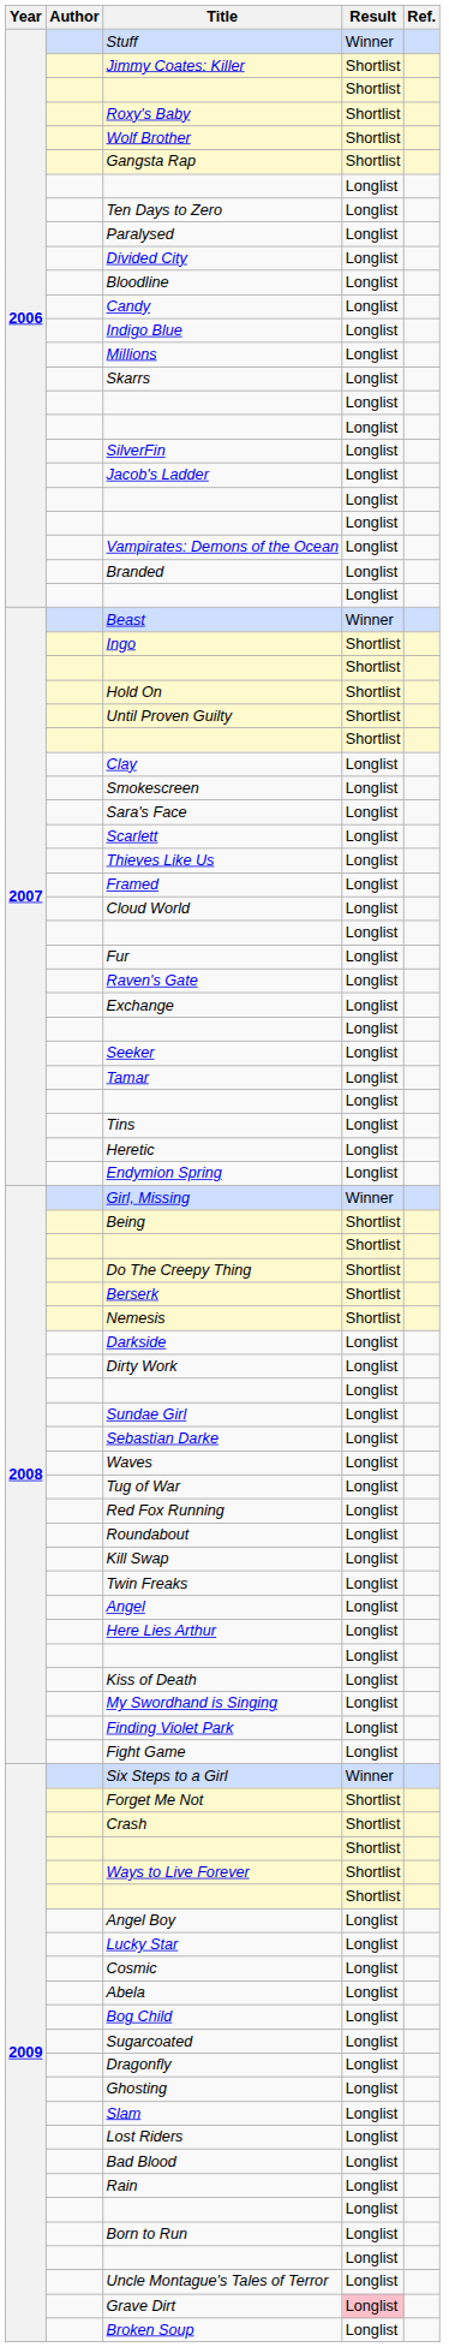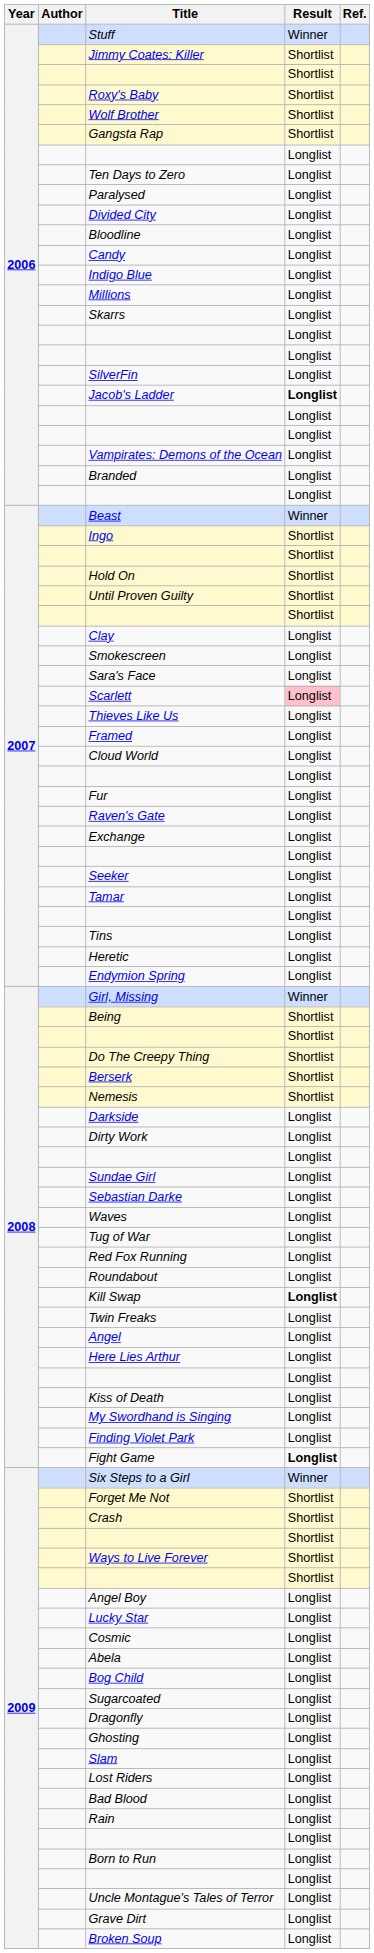 <table class="wikitable sortable mw-collapsible">
 <tr>
 <th>Year</th>
 <th>Author</th>
 <th>Title</th>
 <th>Result</th>
 <th>Ref.</th>
 </tr>
 <tr style=background:#cddeff>
 <th rowspan="24"><a href='#'>2006</a></th>
 <td></td>
 <td><em>Stuff</em></td>
 <td>Winner</td>
 <td></td>
 </tr>
 <tr style=background:LemonChiffon; color:black>
 <td></td>
 <td><em><a href='#'>Jimmy Coates: Killer</a></em></td>
 <td>Shortlist</td>
 <td></td>
 </tr>
 <tr style=background:LemonChiffon; color:black>
 <td></td>
 <td><em></em></td>
 <td>Shortlist</td>
 <td></td>
 </tr>
 <tr style=background:LemonChiffon; color:black>
 <td></td>
 <td><em><a href='#'>Roxy's Baby</a></em></td>
 <td>Shortlist</td>
 <td></td>
 </tr>
 <tr style=background:LemonChiffon; color:black>
 <td></td>
 <td><em><a href='#'>Wolf Brother</a></em></td>
 <td>Shortlist</td>
 <td></td>
 </tr>
 <tr style=background:LemonChiffon; color:black>
 <td></td>
 <td><em>Gangsta Rap</em></td>
 <td>Shortlist</td>
 <td></td>
 </tr>
 <tr>
 <td></td>
 <td><em></em></td>
 <td>Longlist</td>
 <td></td>
 </tr>
 <tr>
 <td></td>
 <td><em>Ten Days to Zero</em></td>
 <td>Longlist</td>
 <td></td>
 </tr>
 <tr>
 <td></td>
 <td><em>Paralysed</em></td>
 <td>Longlist</td>
 <td></td>
 </tr>
 <tr>
 <td></td>
 <td><em><a href='#'>Divided City</a></em></td>
 <td>Longlist</td>
 <td></td>
 </tr>
 <tr>
 <td></td>
 <td><em>Bloodline</em></td>
 <td>Longlist</td>
 <td></td>
 </tr>
 <tr>
 <td></td>
 <td><em><a href='#'>Candy</a></em></td>
 <td>Longlist</td>
 <td></td>
 </tr>
 <tr>
 <td></td>
 <td><em><a href='#'>Indigo Blue</a></em></td>
 <td>Longlist</td>
 <td></td>
 </tr>
 <tr>
 <td></td>
 <td><em><a href='#'>Millions</a></em></td>
 <td>Longlist</td>
 <td></td>
 </tr>
 <tr>
 <td></td>
 <td><em>Skarrs</em></td>
 <td>Longlist</td>
 <td></td>
 </tr>
 <tr>
 <td></td>
 <td><em></em></td>
 <td>Longlist</td>
 <td></td>
 </tr>
 <tr>
 <td></td>
 <td><em></em></td>
 <td>Longlist</td>
 <td></td>
 </tr>
 <tr>
 <td></td>
 <td><em><a href='#'>SilverFin</a></em></td>
 <td>Longlist</td>
 <td></td>
 </tr>
 <tr>
 <td></td>
 <td><em><a href='#'>Jacob's Ladder</a></em></td>
-<td>Longlist</td>
+<td><strong>Longlist</strong></td>
 <td></td>
 </tr>
 <tr>
 <td></td>
 <td><em></em></td>
 <td>Longlist</td>
 <td></td>
 </tr>
 <tr>
 <td></td>
 <td><em></em></td>
 <td>Longlist</td>
 <td></td>
 </tr>
 <tr>
 <td></td>
 <td><em><a href='#'>Vampirates: Demons of the Ocean</a></em></td>
 <td>Longlist</td>
 <td></td>
 </tr>
 <tr>
 <td></td>
 <td><em>Branded</em></td>
 <td>Longlist</td>
 <td></td>
 </tr>
 <tr>
 <td></td>
 <td><em></em></td>
 <td>Longlist</td>
 <td></td>
 </tr>
 <tr style=background:#cddeff>
 <th rowspan="24"><a href='#'>2007</a></th>
 <td></td>
 <td><em><a href='#'>Beast</a></em></td>
 <td>Winner</td>
 <td></td>
 </tr>
 <tr style=background:LemonChiffon; color:black>
 <td></td>
 <td><em><a href='#'>Ingo</a></em></td>
 <td>Shortlist</td>
 <td></td>
 </tr>
 <tr style=background:LemonChiffon; color:black>
 <td></td>
 <td><em></em></td>
 <td>Shortlist</td>
 <td></td>
 </tr>
 <tr style=background:LemonChiffon; color:black>
 <td></td>
 <td><em>Hold On</em></td>
 <td>Shortlist</td>
 <td></td>
 </tr>
 <tr style=background:LemonChiffon; color:black>
 <td></td>
 <td><em>Until Proven Guilty</em></td>
 <td>Shortlist</td>
 <td></td>
 </tr>
 <tr style=background:LemonChiffon; color:black>
 <td></td>
 <td><em></em></td>
 <td>Shortlist</td>
 <td></td>
 </tr>
 <tr>
 <td></td>
 <td><em><a href='#'>Clay</a></em></td>
 <td>Longlist</td>
 <td></td>
 </tr>
 <tr>
 <td></td>
 <td><em>Smokescreen</em></td>
 <td>Longlist</td>
 <td></td>
 </tr>
 <tr>
 <td></td>
 <td><em>Sara's Face</em></td>
 <td>Longlist</td>
 <td></td>
 </tr>
 <tr>
 <td></td>
 <td><em><a href='#'>Scarlett</a></em></td>
-<td>Longlist</td>
+<td style="background: pink;">Longlist</td>
 <td></td>
 </tr>
 <tr>
 <td></td>
 <td><em><a href='#'>Thieves Like Us</a></em></td>
 <td>Longlist</td>
 <td></td>
 </tr>
 <tr>
 <td></td>
 <td><em><a href='#'>Framed</a></em></td>
 <td>Longlist</td>
 <td></td>
 </tr>
 <tr>
 <td></td>
 <td><em>Cloud World</em></td>
 <td>Longlist</td>
 <td></td>
 </tr>
 <tr>
 <td></td>
 <td><em></em></td>
 <td>Longlist</td>
 <td></td>
 </tr>
 <tr>
 <td></td>
 <td><em>Fur</em></td>
 <td>Longlist</td>
 <td></td>
 </tr>
 <tr>
 <td></td>
 <td><em><a href='#'>Raven's Gate</a></em></td>
 <td>Longlist</td>
 <td></td>
 </tr>
 <tr>
 <td></td>
 <td><em>Exchange</em></td>
 <td>Longlist</td>
 <td></td>
 </tr>
 <tr>
 <td></td>
 <td><em></em></td>
 <td>Longlist</td>
 <td></td>
 </tr>
 <tr>
 <td></td>
 <td><em><a href='#'>Seeker</a></em></td>
 <td>Longlist</td>
 <td></td>
 </tr>
 <tr>
 <td></td>
 <td><em><a href='#'>Tamar</a></em></td>
 <td>Longlist</td>
 <td></td>
 </tr>
 <tr>
 <td></td>
 <td><em></em></td>
 <td>Longlist</td>
 <td></td>
 </tr>
 <tr>
 <td></td>
 <td><em>Tins</em></td>
 <td>Longlist</td>
 <td></td>
 </tr>
 <tr>
 <td></td>
 <td><em>Heretic</em></td>
 <td>Longlist</td>
 <td></td>
 </tr>
 <tr>
 <td></td>
 <td><em><a href='#'>Endymion Spring</a></em></td>
 <td>Longlist</td>
 <td></td>
 </tr>
 <tr style=background:#cddeff>
 <th rowspan="24"><a href='#'>2008</a></th>
 <td></td>
 <td><em><a href='#'>Girl, Missing</a></em></td>
 <td>Winner</td>
 <td></td>
 </tr>
 <tr style=background:LemonChiffon; color:black>
 <td></td>
 <td><em>Being</em></td>
 <td>Shortlist</td>
 <td></td>
 </tr>
 <tr style=background:LemonChiffon; color:black>
 <td></td>
 <td><em></em></td>
 <td>Shortlist</td>
 <td></td>
 </tr>
 <tr style=background:LemonChiffon; color:black>
 <td></td>
 <td><em>Do The Creepy Thing</em></td>
 <td>Shortlist</td>
 <td></td>
 </tr>
 <tr style=background:LemonChiffon; color:black>
 <td></td>
 <td><em><a href='#'>Berserk</a></em></td>
 <td>Shortlist</td>
 <td></td>
 </tr>
 <tr style=background:LemonChiffon; color:black>
 <td></td>
 <td><em>Nemesis</em></td>
 <td>Shortlist</td>
 <td></td>
 </tr>
 <tr>
 <td></td>
 <td><em><a href='#'>Darkside</a></em></td>
 <td>Longlist</td>
 <td></td>
 </tr>
 <tr>
 <td></td>
 <td><em>Dirty Work</em></td>
 <td>Longlist</td>
 <td></td>
 </tr>
 <tr>
 <td></td>
 <td><em></em></td>
 <td>Longlist</td>
 <td></td>
 </tr>
 <tr>
 <td></td>
 <td><em><a href='#'>Sundae Girl</a></em></td>
 <td>Longlist</td>
 <td></td>
 </tr>
 <tr>
 <td></td>
 <td><em><a href='#'>Sebastian Darke</a></em></td>
 <td>Longlist</td>
 <td></td>
 </tr>
 <tr>
 <td></td>
 <td><em>Waves</em></td>
 <td>Longlist</td>
 <td></td>
 </tr>
 <tr>
 <td></td>
 <td><em>Tug of War</em></td>
 <td>Longlist</td>
 <td></td>
 </tr>
 <tr>
 <td></td>
 <td><em>Red Fox Running</em></td>
 <td>Longlist</td>
 <td></td>
 </tr>
 <tr>
 <td></td>
 <td><em>Roundabout</em></td>
 <td>Longlist</td>
 <td></td>
 </tr>
 <tr>
 <td></td>
 <td><em>Kill Swap</em></td>
-<td>Longlist</td>
+<td><strong>Longlist</strong></td>
 <td></td>
 </tr>
 <tr>
 <td></td>
 <td><em>Twin Freaks</em></td>
 <td>Longlist</td>
 <td></td>
 </tr>
 <tr>
 <td></td>
 <td><em><a href='#'>Angel</a></em></td>
 <td>Longlist</td>
 <td></td>
 </tr>
 <tr>
 <td></td>
 <td><em><a href='#'>Here Lies Arthur</a></em></td>
 <td>Longlist</td>
 <td></td>
 </tr>
 <tr>
 <td></td>
 <td><em></em></td>
 <td>Longlist</td>
 <td></td>
 </tr>
 <tr>
 <td></td>
 <td><em>Kiss of Death</em></td>
 <td>Longlist</td>
 <td></td>
 </tr>
 <tr>
 <td></td>
 <td><em><a href='#'>My Swordhand is Singing</a></em></td>
 <td>Longlist</td>
 <td></td>
 </tr>
 <tr>
 <td></td>
 <td><em><a href='#'>Finding Violet Park</a></em></td>
 <td>Longlist</td>
 <td></td>
 </tr>
 <tr>
 <td></td>
 <td><em>Fight Game</em></td>
-<td>Longlist</td>
+<td><strong>Longlist</strong></td>
 <td></td>
 </tr>
 <tr style=background:#cddeff>
 <th rowspan="24"><a href='#'>2009</a></th>
 <td></td>
 <td><em>Six Steps to a Girl</em></td>
 <td>Winner</td>
 <td></td>
 </tr>
 <tr style=background:LemonChiffon; color:black>
 <td></td>
 <td><em>Forget Me Not</em></td>
 <td>Shortlist</td>
 <td></td>
 </tr>
 <tr style=background:LemonChiffon; color:black>
 <td></td>
 <td><em>Crash</em></td>
 <td>Shortlist</td>
 <td></td>
 </tr>
 <tr style=background:LemonChiffon; color:black>
 <td></td>
 <td><em></em></td>
 <td>Shortlist</td>
 <td></td>
 </tr>
 <tr style=background:LemonChiffon; color:black>
 <td></td>
 <td><em><a href='#'>Ways to Live Forever</a></em></td>
 <td>Shortlist</td>
 <td></td>
 </tr>
 <tr style=background:LemonChiffon; color:black>
 <td></td>
 <td><em></em></td>
 <td>Shortlist</td>
 <td></td>
 </tr>
 <tr>
 <td></td>
 <td><em>Angel Boy</em></td>
 <td>Longlist</td>
 <td></td>
 </tr>
 <tr>
 <td></td>
 <td><em><a href='#'>Lucky Star</a></em></td>
 <td>Longlist</td>
 <td></td>
 </tr>
 <tr>
 <td></td>
 <td><em>Cosmic</em></td>
 <td>Longlist</td>
 <td></td>
 </tr>
 <tr>
 <td></td>
 <td><em>Abela</em></td>
 <td>Longlist</td>
 <td></td>
 </tr>
 <tr>
 <td></td>
 <td><em><a href='#'>Bog Child</a></em></td>
 <td>Longlist</td>
 <td></td>
 </tr>
 <tr>
 <td></td>
 <td><em>Sugarcoated</em></td>
 <td>Longlist</td>
 <td></td>
 </tr>
 <tr>
 <td></td>
 <td><em>Dragonfly</em></td>
 <td>Longlist</td>
 <td></td>
 </tr>
 <tr>
 <td></td>
 <td><em>Ghosting</em></td>
 <td>Longlist</td>
 <td></td>
 </tr>
 <tr>
 <td></td>
 <td><em><a href='#'>Slam</a></em></td>
 <td>Longlist</td>
 <td></td>
 </tr>
 <tr>
 <td></td>
 <td><em>Lost Riders</em></td>
 <td>Longlist</td>
 <td></td>
 </tr>
 <tr>
 <td></td>
 <td><em>Bad Blood</em></td>
 <td>Longlist</td>
 <td></td>
 </tr>
 <tr>
 <td></td>
 <td><em>Rain</em></td>
 <td>Longlist</td>
 <td></td>
 </tr>
 <tr>
 <td></td>
 <td><em></em></td>
 <td>Longlist</td>
 <td></td>
 </tr>
 <tr>
 <td></td>
 <td><em>Born to Run</em></td>
 <td>Longlist</td>
 <td></td>
 </tr>
 <tr>
 <td></td>
 <td><em></em></td>
 <td>Longlist</td>
 <td></td>
 </tr>
 <tr>
 <td></td>
 <td><em>Uncle Montague's Tales of Terror</em></td>
 <td>Longlist</td>
 <td></td>
 </tr>
 <tr>
 <td></td>
 <td><em>Grave Dirt</em></td>
-<td style="background: pink;">Longlist</td>
+<td>Longlist</td>
 <td></td>
 </tr>
 <tr>
 <td></td>
 <td><em><a href='#'>Broken Soup</a></em></td>
 <td>Longlist</td>
 <td></td>
 </tr>
 </table>
